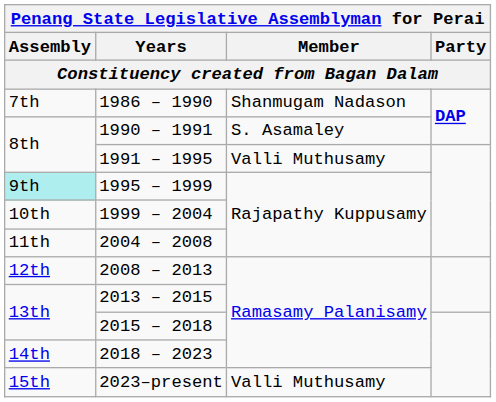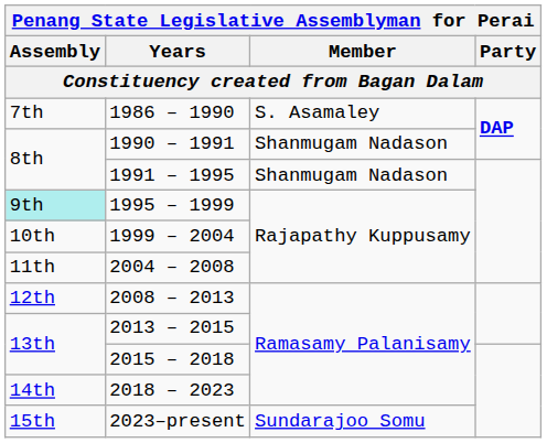 <table class="wikitable">
 <tr>
 <th colspan="4"><a href='#'>Penang State Legislative Assemblyman</a> for Perai</th>
 </tr>
 <tr>
 <th>Assembly</th>
 <th>Years</th>
 <th>Member</th>
 <th>Party</th>
 </tr>
 <tr>
 <th colspan="4"><em>Constituency created from Bagan Dalam</em></th>
 </tr>
 <tr>
 <td>7th</td>
 <td>1986 – 1990</td>
-<td>Shanmugam Nadason</td>
+<td>S. Asamaley</td>
 <td rowspan="2"><strong><a href='#'>DAP</a></strong></td>
 </tr>
 <tr>
 <td rowspan="2">8th</td>
 <td>1990 – 1991</td>
-<td>S. Asamaley</td>
+<td>Shanmugam Nadason</td>
 </tr>
 <tr>
 <td>1991 – 1995</td>
-<td>Valli Muthusamy</td>
+<td>Shanmugam Nadason</td>
 <td rowspan="4"></td>
 </tr>
 <tr>
 <td style="background: paleturquoise;">9th</td>
 <td>1995 – 1999</td>
 <td rowspan="3">Rajapathy Kuppusamy</td>
 </tr>
 <tr>
 <td>10th</td>
 <td>1999 – 2004</td>
 </tr>
 <tr>
 <td>11th</td>
 <td>2004 – 2008</td>
 </tr>
 <tr>
 <td><a href='#'>12th</a></td>
 <td>2008 – 2013</td>
 <td rowspan=4><a href='#'>Ramasamy Palanisamy</a></td>
 <td rowspan="2"></td>
 </tr>
 <tr>
 <td rowspan=2><a href='#'>13th</a></td>
 <td>2013 – 2015</td>
 </tr>
 <tr>
 <td>2015 – 2018</td>
 <td rowspan=3></td>
 </tr>
 <tr>
 <td><a href='#'>14th</a></td>
 <td>2018 – 2023</td>
 </tr>
 <tr>
 <td><a href='#'>15th</a></td>
 <td>2023–present</td>
-<td>Valli Muthusamy</td>
+<td><a href='#'>Sundarajoo Somu</a></td>
 </tr>
 </table>
